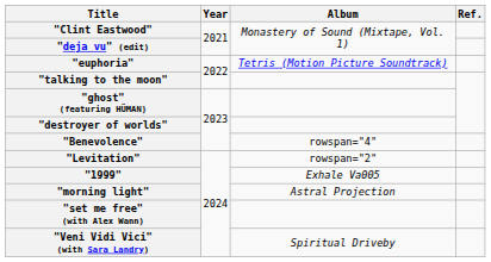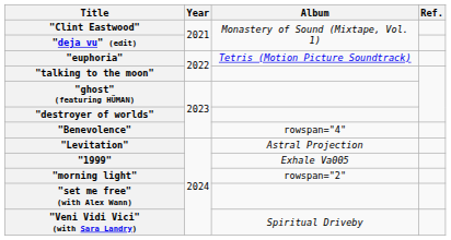 <table class="wikitable plainrowheaders" style="text-align:center;">
 <tr>
 <th scope="col" style="width:19em;">Title</th>
 <th scope="col" style="width:1em;">Year</th>
 <th scope="col" style="width:22em;">Album</th>
 <th>Ref.</th>
 </tr>
 <tr>
 <th scope="row">"Clint Eastwood"</th>
 <td rowspan="2">2021</td>
 <td rowspan="2"><em>Monastery of Sound (Mixtape, Vol. 1)</em></td>
 <td></td>
 </tr>
 <tr>
 <th scope="row">"<a href='#'>deja vu</a>" <small>(edit)</small></th>
 <td></td>
 </tr>
 <tr>
 <th scope="row">"euphoria"</th>
 <td rowspan="2">2022</td>
 <td><em><a href='#'>Tetris (Motion Picture Soundtrack)</a></em></td>
 <td></td>
 </tr>
 <tr>
 <th scope="row">"talking to the moon"</th>
 <td></td>
 </tr>
 <tr>
 <th scope="row">"ghost"<br><small>(featuring HÜMAN)</small></th>
 <td rowspan="3">2023</td>
 <td></td>
 </tr>
 <tr>
 <th scope="row">"destroyer of worlds"</th>
 <td></td>
 </tr>
 <tr>
 <th scope="row">"Benevolence"</th>
 <td>rowspan="4" </td>
 <td></td>
 </tr>
 <tr>
 <th scope="row">"Levitation"</th>
 <td rowspan="5">2024</td>
-<td>rowspan="2" </td>
+<td><em>Astral Projection</em></td>
 <td></td>
 </tr>
 <tr>
 <th scope="row">"1999"</th>
 <td><em>Exhale Va005</em></td>
 <td></td>
 </tr>
 <tr>
 <th scope="row">"morning light"</th>
-<td><em>Astral Projection</em></td>
+<td>rowspan="2" </td>
 <td></td>
 </tr>
 <tr>
 <th scope="row">"set me free"<br><small>(with Alex Wann)</small></th>
 <td></td>
 </tr>
 <tr>
 <th scope="row">"Veni Vidi Vici"<br><small>(with <a href='#'>Sara Landry</a>)</small></th>
 <td><em>Spiritual Driveby</em></td>
 <td></td>
 </tr>
 </table>
